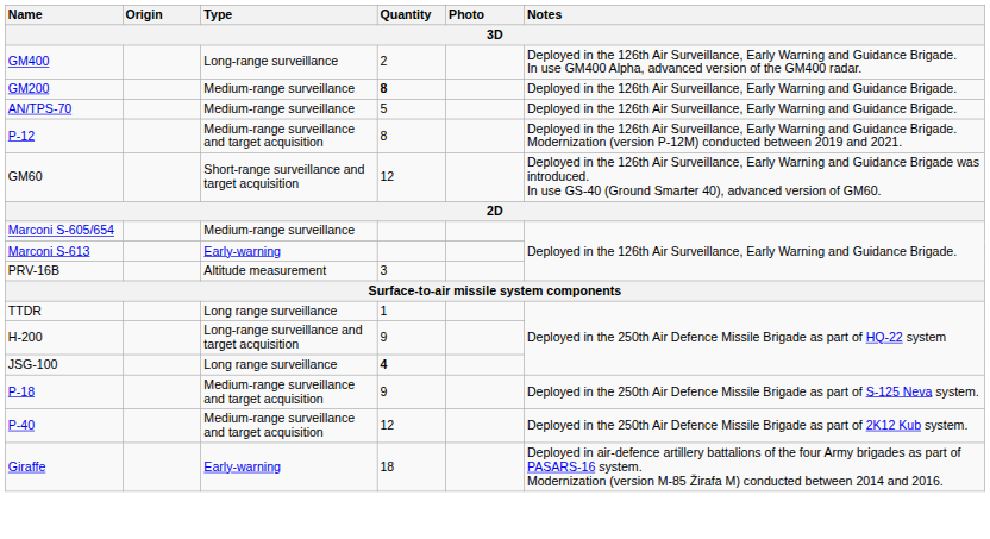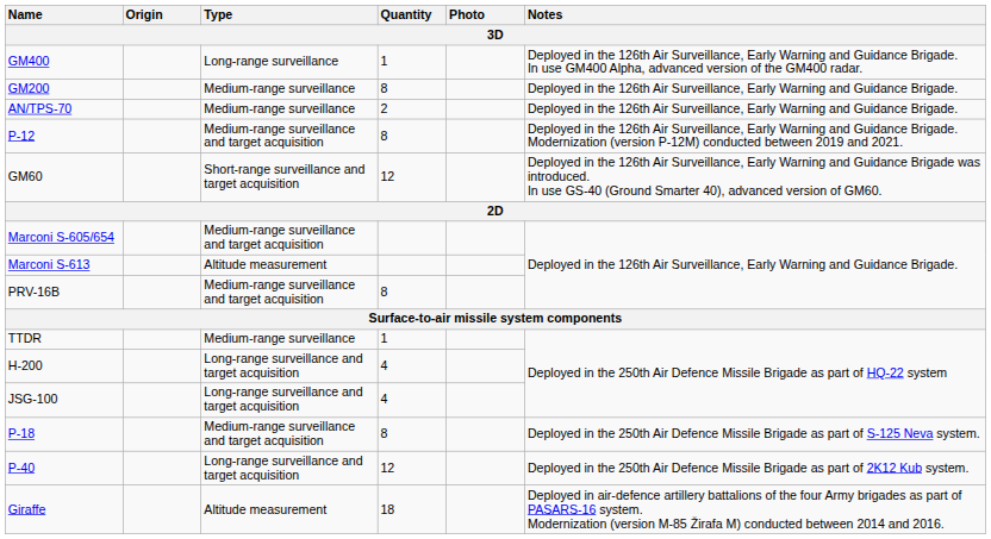 <table class="wikitable">
 <tr>
 <th style="text-align: left; width:12%;">Name</th>
 <th style="text-align: left; width:8%;">Origin</th>
 <th style="text-align: left; width:18%;">Type</th>
 <th style="text-align: left; width:7%;">Quantity</th>
 <th style="text-align: left;width:8%;">Photo</th>
 <th style="text-align: left;width:47%;">Notes</th>
 </tr>
 <tr>
 <th colspan="6">3D</th>
 </tr>
 <tr>
 <td><a href='#'>GM400</a></td>
 <td></td>
 <td>Long-range surveillance</td>
-<td>2</td>
+<td>1</td>
 <td></td>
 <td>Deployed in the 126th Air Surveillance, Early Warning and Guidance Brigade.<br>In use GM400 Alpha, advanced version of the GM400 radar.</td>
 </tr>
 <tr>
 <td><a href='#'>GM200</a></td>
 <td></td>
 <td>Medium-range surveillance</td>
-<td><strong>8</strong></td>
+<td>8</td>
 <td></td>
 <td>Deployed in the 126th Air Surveillance, Early Warning and Guidance Brigade.</td>
 </tr>
 <tr>
 <td><a href='#'>AN/TPS-70</a></td>
 <td></td>
 <td>Medium-range surveillance</td>
-<td>5</td>
+<td>2</td>
 <td></td>
 <td>Deployed in the 126th Air Surveillance, Early Warning and Guidance Brigade.</td>
 </tr>
 <tr>
 <td><a href='#'>P-12</a></td>
 <td></td>
 <td>Medium-range surveillance and target acquisition</td>
 <td>8</td>
 <td></td>
 <td>Deployed in the 126th Air Surveillance, Early Warning and Guidance Brigade.<br>Modernization (version P-12M) conducted between 2019 and 2021.</td>
 </tr>
 <tr>
 <td>GM60</td>
 <td></td>
 <td>Short-range surveillance and target acquisition</td>
 <td>12</td>
 <td></td>
 <td>Deployed in the 126th Air Surveillance, Early Warning and Guidance Brigade was introduced.<br>In use GS-40 (Ground Smarter 40), advanced version of GM60.</td>
 </tr>
 <tr>
 <th style="align: center;" colspan="7">2D</th>
 </tr>
 <tr>
 <td><a href='#'>Marconi S-605/654</a></td>
 <td></td>
-<td>Medium-range surveillance</td>
+<td>Medium-range surveillance and target acquisition</td>
 <td></td>
 <td></td>
 <td rowspan="3">Deployed in the 126th Air Surveillance, Early Warning and Guidance Brigade.</td>
 </tr>
 <tr>
 <td><a href='#'>Marconi S-613</a></td>
 <td></td>
-<td><a href='#'>Early-warning</a></td>
+<td>Altitude measurement</td>
 <td></td>
 <td></td>
 </tr>
 <tr>
 <td>PRV-16B</td>
 <td></td>
-<td>Altitude measurement</td>
-<td>3</td>
+<td>Medium-range surveillance and target acquisition</td>
+<td>8</td>
 <td></td>
 </tr>
 <tr>
 <th style="align: center;" colspan="7">Surface-to-air missile system components</th>
 </tr>
 <tr>
 <td>TTDR</td>
 <td></td>
-<td>Long range surveillance</td>
+<td>Medium-range surveillance</td>
 <td>1</td>
 <td></td>
 <td rowspan="3">Deployed in the 250th Air Defence Missile Brigade as part of <a href='#'>HQ-22</a> system</td>
 </tr>
 <tr>
 <td>H-200</td>
 <td></td>
 <td>Long-range surveillance and target acquisition</td>
-<td>9</td>
+<td>4</td>
 <td></td>
 </tr>
 <tr>
 <td>JSG-100</td>
 <td></td>
-<td>Long range surveillance</td>
-<td><strong>4</strong></td>
+<td>Long-range surveillance and target acquisition</td>
+<td>4</td>
 <td></td>
 </tr>
 <tr>
 <td><a href='#'>P-18</a></td>
 <td></td>
 <td>Medium-range surveillance and target acquisition</td>
-<td>9</td>
+<td>8</td>
 <td></td>
 <td>Deployed in the 250th Air Defence Missile Brigade as part of <a href='#'>S-125 Neva</a> system.</td>
 </tr>
 <tr>
 <td><a href='#'>P-40</a></td>
 <td></td>
-<td>Medium-range surveillance and target acquisition</td>
+<td>Long-range surveillance and target acquisition</td>
 <td>12</td>
 <td></td>
 <td>Deployed in the 250th Air Defence Missile Brigade as part of <a href='#'>2K12 Kub</a> system.</td>
 </tr>
 <tr>
 <td><a href='#'>Giraffe</a></td>
 <td></td>
-<td><a href='#'>Early-warning</a></td>
+<td>Altitude measurement</td>
 <td>18</td>
 <td></td>
 <td>Deployed in air-defence artillery battalions of the four Army brigades as part of <a href='#'>PASARS-16</a> system.<br>Modernization (version M-85 Žirafa M) conducted between 2014 and 2016.</td>
 </tr>
 </table>
